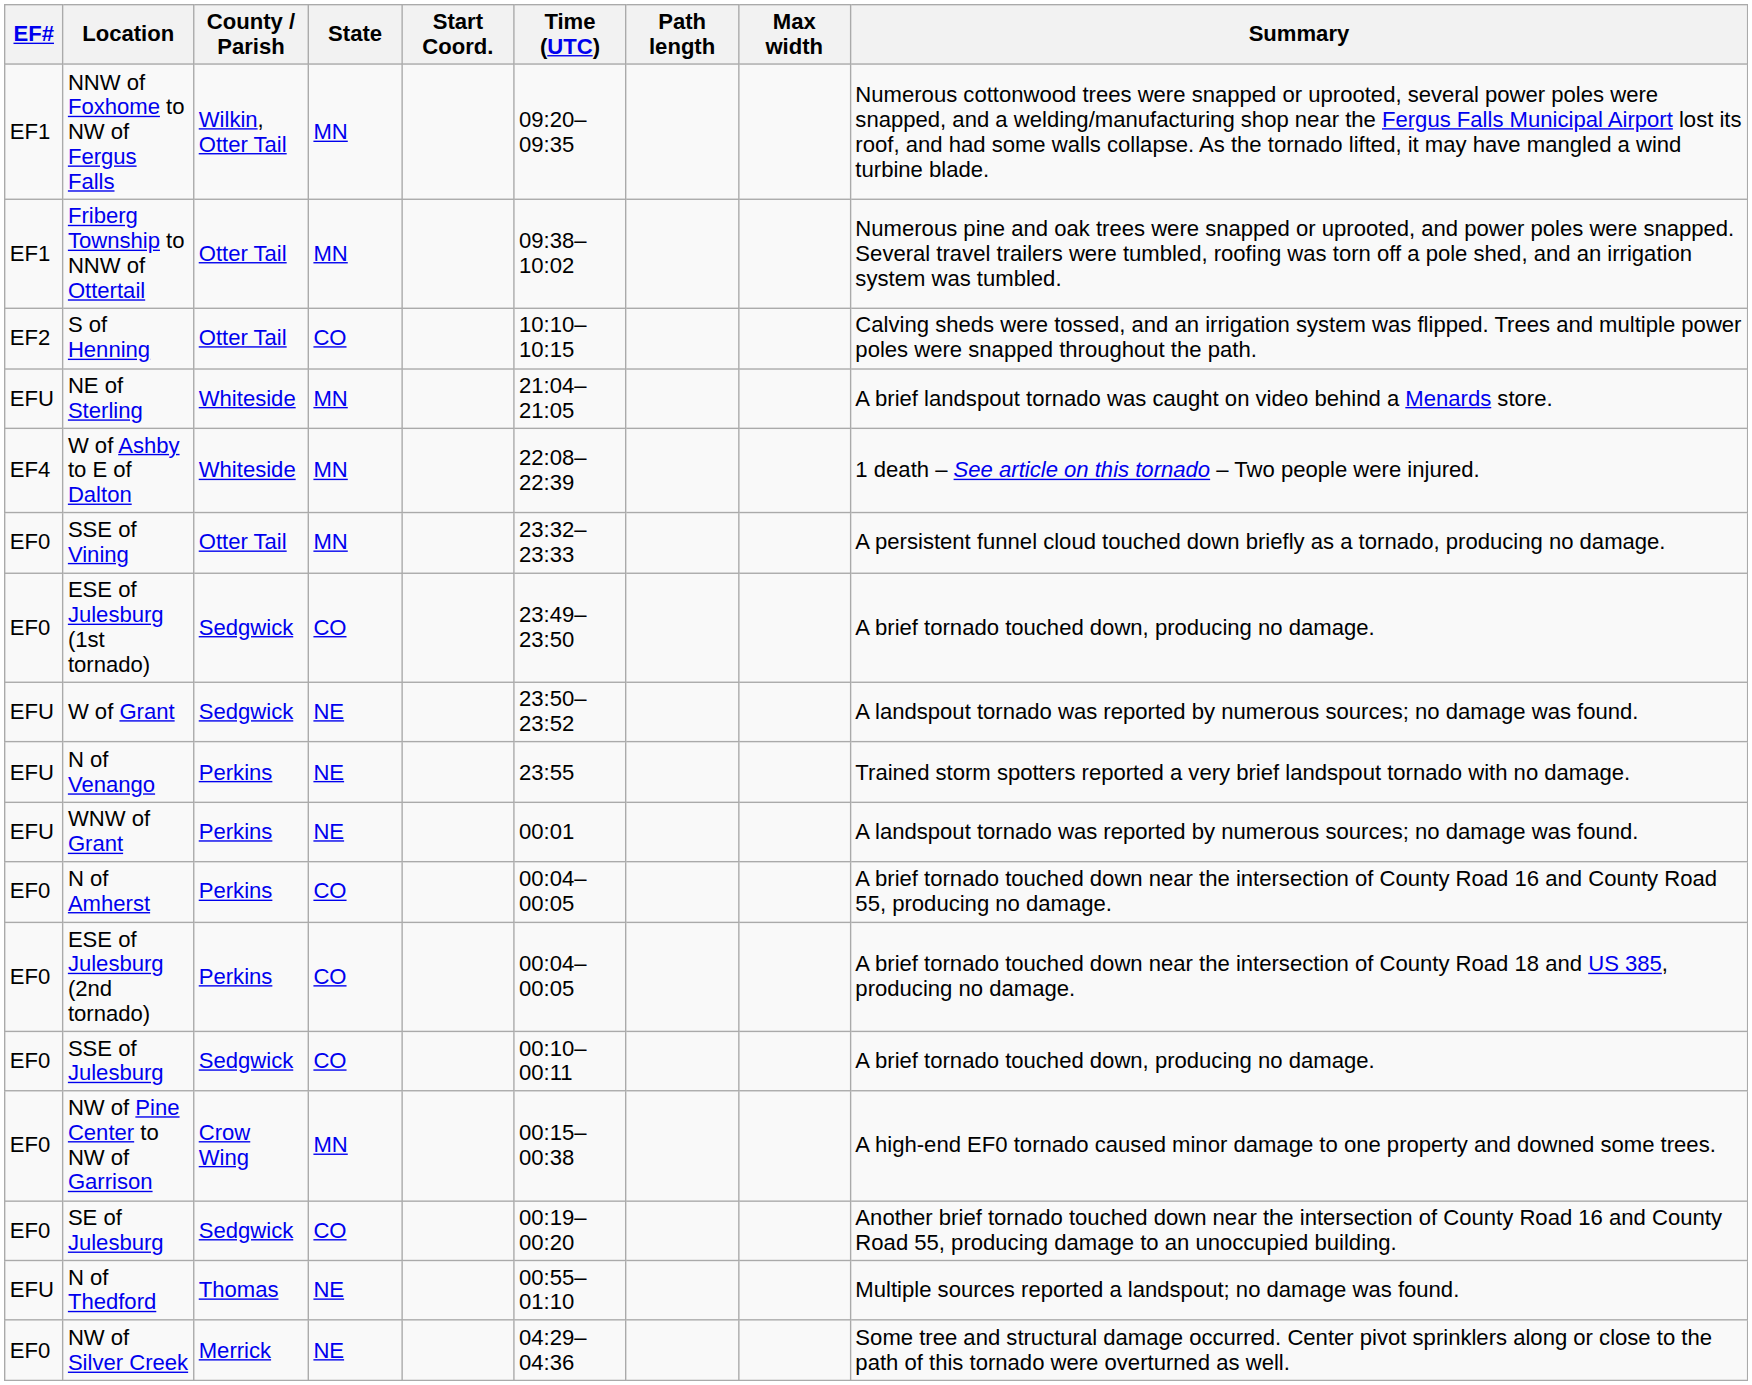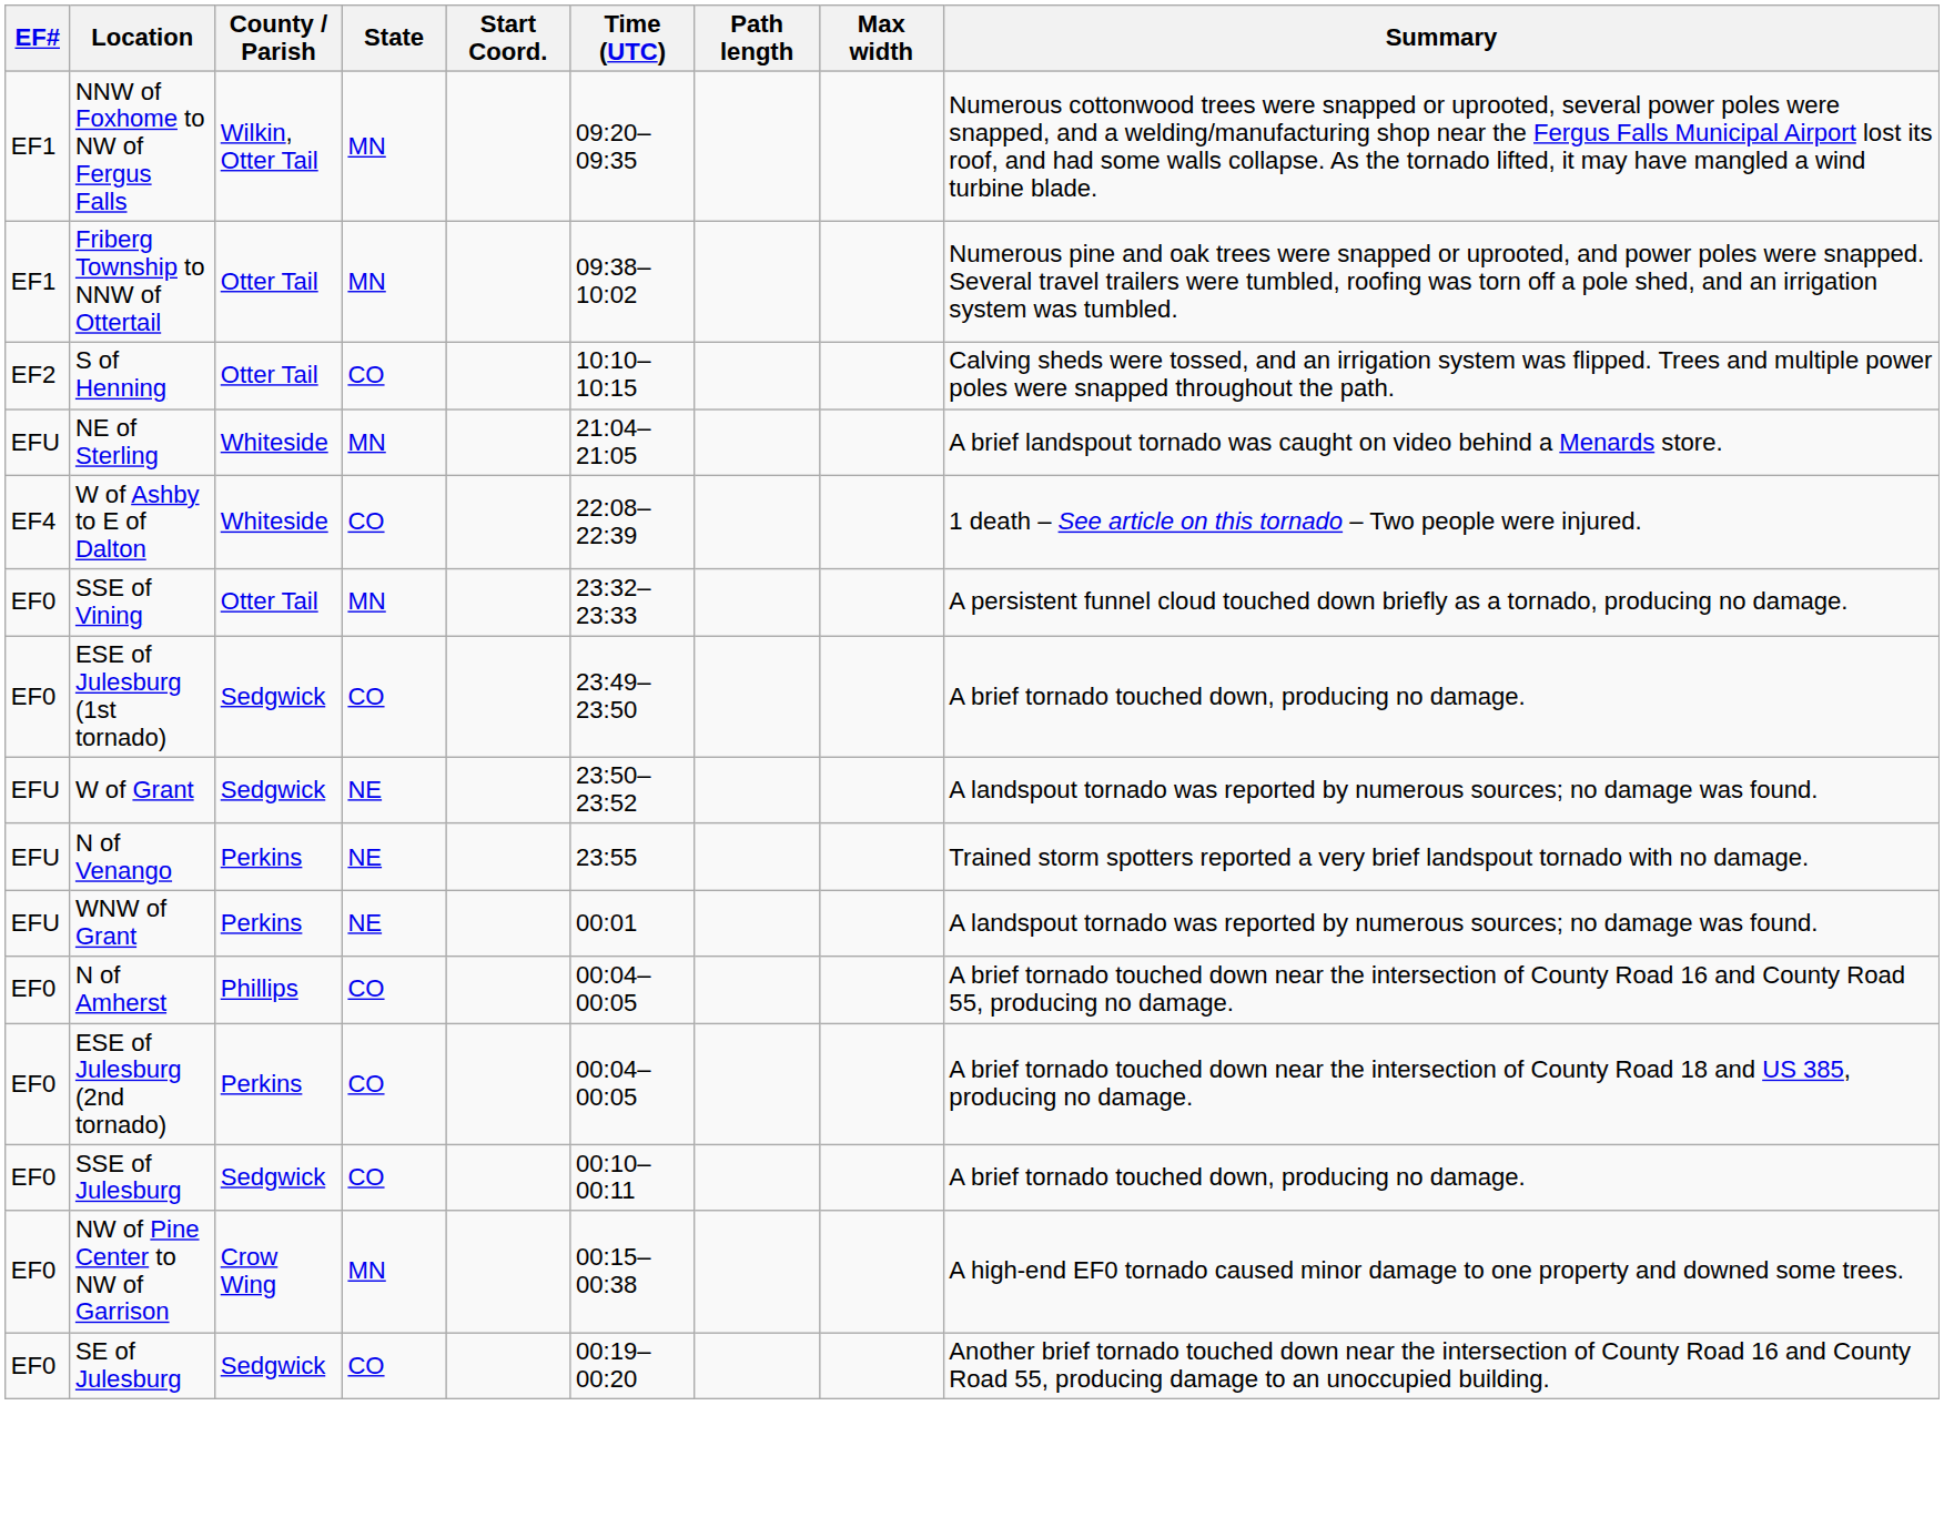 <table class="wikitable sortable" style="width:100%;">
 <tr>
 <th scope="col"  style="width:3%; text-align:center;"><a href='#'>EF#</a></th>
 <th scope="col"  style="width:7%; text-align:center;" class="unsortable">Location</th>
 <th scope="col"  style="width:6%; text-align:center;" class="unsortable">County / Parish</th>
 <th scope="col"  style="width:5%; text-align:center;">State</th>
 <th scope="col"  style="width:6%; text-align:center;">Start Coord.</th>
 <th scope="col"  style="width:6%; text-align:center;">Time (<a href='#'>UTC</a>)</th>
 <th scope="col"  style="width:6%; text-align:center;">Path length</th>
 <th scope="col"  style="width:6%; text-align:center;">Max width</th>
 <th scope="col" class="unsortable" style="width:48%; text-align:center;">Summary</th>
 </tr>
 <tr>
 <td>EF1</td>
 <td>NNW of <a href='#'>Foxhome</a> to NW of <a href='#'>Fergus Falls</a></td>
 <td><a href='#'>Wilkin</a>, <a href='#'>Otter Tail</a></td>
 <td><a href='#'>MN</a></td>
 <td></td>
 <td>09:20–09:35</td>
 <td></td>
 <td></td>
 <td>Numerous cottonwood trees were snapped or uprooted, several power poles were snapped, and a welding/manufacturing shop near the <a href='#'>Fergus Falls Municipal Airport</a> lost its roof, and had some walls collapse. As the tornado lifted, it may have mangled a wind turbine blade.</td>
 </tr>
 <tr>
 <td>EF1</td>
 <td><a href='#'>Friberg Township</a> to NNW of <a href='#'>Ottertail</a></td>
 <td><a href='#'>Otter Tail</a></td>
 <td><a href='#'>MN</a></td>
 <td></td>
 <td>09:38–10:02</td>
 <td></td>
 <td></td>
 <td>Numerous pine and oak trees were snapped or uprooted, and power poles were snapped. Several travel trailers were tumbled, roofing was torn off a pole shed, and an irrigation system was tumbled.</td>
 </tr>
 <tr>
 <td>EF2</td>
 <td>S of <a href='#'>Henning</a></td>
 <td><a href='#'>Otter Tail</a></td>
 <td><a href='#'>CO</a></td>
 <td></td>
 <td>10:10–10:15</td>
 <td></td>
 <td></td>
 <td>Calving sheds were tossed, and an irrigation system was flipped. Trees and multiple power poles were snapped throughout the path.</td>
 </tr>
 <tr>
 <td>EFU</td>
 <td>NE of <a href='#'>Sterling</a></td>
 <td><a href='#'>Whiteside</a></td>
 <td><a href='#'>MN</a></td>
 <td></td>
 <td>21:04–21:05</td>
 <td></td>
 <td></td>
 <td>A brief landspout tornado was caught on video behind a <a href='#'>Menards</a> store.</td>
 </tr>
 <tr>
 <td>EF4</td>
 <td>W of <a href='#'>Ashby</a> to E of <a href='#'>Dalton</a></td>
 <td><a href='#'>Whiteside</a></td>
-<td><a href='#'>MN</a></td>
+<td><a href='#'>CO</a></td>
 <td></td>
 <td>22:08–22:39</td>
 <td></td>
 <td></td>
 <td>1 death – <em><a href='#'>See article on this tornado</a></em> – Two people were injured.</td>
 </tr>
 <tr>
 <td>EF0</td>
 <td>SSE of <a href='#'>Vining</a></td>
 <td><a href='#'>Otter Tail</a></td>
 <td><a href='#'>MN</a></td>
 <td></td>
 <td>23:32–23:33</td>
 <td></td>
 <td></td>
 <td>A persistent funnel cloud touched down briefly as a tornado, producing no damage.</td>
 </tr>
 <tr>
 <td>EF0</td>
 <td>ESE of <a href='#'>Julesburg</a> (1st tornado)</td>
 <td><a href='#'>Sedgwick</a></td>
 <td><a href='#'>CO</a></td>
 <td></td>
 <td>23:49–23:50</td>
 <td></td>
 <td></td>
 <td>A brief tornado touched down, producing no damage.</td>
 </tr>
 <tr>
 <td>EFU</td>
 <td>W of <a href='#'>Grant</a></td>
 <td><a href='#'>Sedgwick</a></td>
 <td><a href='#'>NE</a></td>
 <td></td>
 <td>23:50–23:52</td>
 <td></td>
 <td></td>
 <td>A landspout tornado was reported by numerous sources; no damage was found.</td>
 </tr>
 <tr>
 <td>EFU</td>
 <td>N of <a href='#'>Venango</a></td>
 <td><a href='#'>Perkins</a></td>
 <td><a href='#'>NE</a></td>
 <td></td>
 <td>23:55</td>
 <td></td>
 <td></td>
 <td>Trained storm spotters reported a very brief landspout tornado with no damage.</td>
 </tr>
 <tr>
 <td>EFU</td>
 <td>WNW of <a href='#'>Grant</a></td>
 <td><a href='#'>Perkins</a></td>
 <td><a href='#'>NE</a></td>
 <td></td>
 <td>00:01</td>
 <td></td>
 <td></td>
 <td>A landspout tornado was reported by numerous sources; no damage was found.</td>
 </tr>
 <tr>
 <td>EF0</td>
 <td>N of <a href='#'>Amherst</a></td>
-<td><a href='#'>Perkins</a></td>
+<td><a href='#'>Phillips</a></td>
 <td><a href='#'>CO</a></td>
 <td></td>
 <td>00:04–00:05</td>
 <td></td>
 <td></td>
 <td>A brief tornado touched down near the intersection of County Road 16 and County Road 55, producing no damage.</td>
 </tr>
 <tr>
 <td>EF0</td>
 <td>ESE of <a href='#'>Julesburg</a> (2nd tornado)</td>
 <td><a href='#'>Perkins</a></td>
 <td><a href='#'>CO</a></td>
 <td></td>
 <td>00:04–00:05</td>
 <td></td>
 <td></td>
 <td>A brief tornado touched down near the intersection of County Road 18 and <a href='#'>US 385</a>, producing no damage.</td>
 </tr>
 <tr>
 <td>EF0</td>
 <td>SSE of <a href='#'>Julesburg</a></td>
 <td><a href='#'>Sedgwick</a></td>
 <td><a href='#'>CO</a></td>
 <td></td>
 <td>00:10–00:11</td>
 <td></td>
 <td></td>
 <td>A brief tornado touched down, producing no damage.</td>
 </tr>
 <tr>
 <td>EF0</td>
 <td>NW of <a href='#'>Pine Center</a> to NW of <a href='#'>Garrison</a></td>
 <td><a href='#'>Crow Wing</a></td>
 <td><a href='#'>MN</a></td>
 <td></td>
 <td>00:15–00:38</td>
 <td></td>
 <td></td>
 <td>A high-end EF0 tornado caused minor damage to one property and downed some trees.</td>
 </tr>
 <tr>
 <td>EF0</td>
 <td>SE of <a href='#'>Julesburg</a></td>
 <td><a href='#'>Sedgwick</a></td>
 <td><a href='#'>CO</a></td>
 <td></td>
 <td>00:19–00:20</td>
 <td></td>
 <td></td>
 <td>Another brief tornado touched down near the intersection of County Road 16 and County Road 55, producing damage to an unoccupied building.</td>
 </tr>
 <tr>
-<td>EFU</td>
-<td>N of <a href='#'>Thedford</a></td>
-<td><a href='#'>Thomas</a></td>
-<td><a href='#'>NE</a></td>
-<td></td>
-<td>00:55–01:10</td>
-<td></td>
-<td></td>
-<td>Multiple sources reported a landspout; no damage was found.</td>
-</tr>
-<tr>
-<td>EF0</td>
-<td>NW of <a href='#'>Silver Creek</a></td>
-<td><a href='#'>Merrick</a></td>
-<td><a href='#'>NE</a></td>
-<td></td>
-<td>04:29–04:36</td>
-<td></td>
-<td></td>
-<td>Some tree and structural damage occurred. Center pivot sprinklers along or close to the path of this tornado were overturned as well.</td>
-</tr>
-<tr>
 </tr>
 </table>
